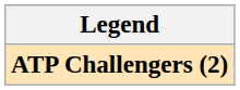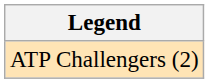 <table class="wikitable">
 <tr>
 <th>Legend</th>
 </tr>
 <tr bgcolor="moccasin">
-<td><strong>ATP Challengers (2)</strong></td>
+<td>ATP Challengers (2)</td>
 </tr>
 </table>
